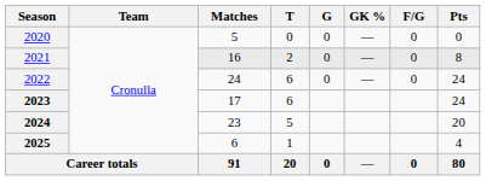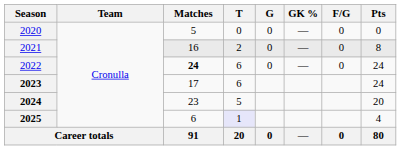 <table class="wikitable sortable"  style="font-size:90%; text-align:center; width:85%;">
 <tr>
 <th width=2%>Season</th>
 <th width=8%>Team</th>
 <th width=2%>Matches</th>
 <th width=2%>T</th>
 <th width=2%>G</th>
 <th width=2%>GK %</th>
 <th width=2%>F/G</th>
 <th width=2%>Pts</th>
 </tr>
 <tr>
 <th scope="row" style="text-align:center; font-weight:normal"><a href='#'>2020</a></th>
 <td rowspan="6" style="text-align:center;"> <a href='#'>Cronulla</a></td>
 <td>5</td>
 <td>0</td>
 <td>0</td>
 <td>—</td>
 <td>0</td>
 <td>0</td>
 </tr>
 <tr style="background:#eaeaea;">
 <th scope="row" style="text-align:center; font-weight:normal"><a href='#'>2021</a></th>
 <td>16</td>
 <td>2</td>
 <td>0</td>
 <td>—</td>
 <td>0</td>
 <td>8</td>
 </tr>
 <tr>
 <th scope="row" style="text-align:center; font-weight:normal"><a href='#'>2022</a></th>
-<td>24</td>
+<td><strong>24</strong></td>
 <td>6</td>
 <td>0</td>
 <td>—</td>
 <td>0</td>
 <td>24</td>
 </tr>
 <tr>
 <th>2023</th>
 <td>17</td>
 <td>6</td>
 <td></td>
 <td></td>
 <td></td>
 <td>24</td>
 </tr>
 <tr>
 <th>2024</th>
 <td>23</td>
 <td>5</td>
 <td></td>
 <td></td>
 <td></td>
 <td>20</td>
 </tr>
 <tr>
 <th>2025</th>
 <td>6</td>
-<td>1</td>
+<td style="background: lavender;">1</td>
 <td></td>
 <td></td>
 <td></td>
 <td>4</td>
 </tr>
 <tr class="sortbottom">
 <th colspan="2">Career totals</th>
 <th>91</th>
 <th>20</th>
 <th>0</th>
 <th>—</th>
 <th>0</th>
 <th>80</th>
 </tr>
 </table>
